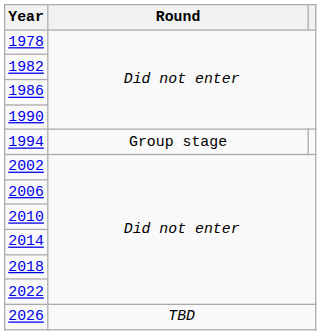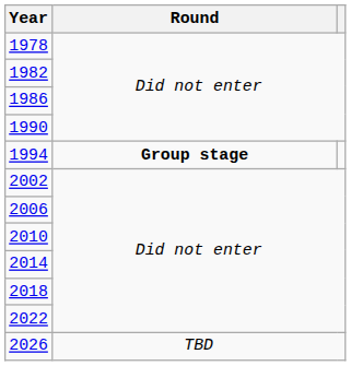 <table class="wikitable" style="text-align: center; font-size:90%">
 <tr>
 <th>Year</th>
 <th style="width:200px">Round</th>
 <th></th>
 </tr>
 <tr>
 <td><a href='#'>1978</a></td>
 <td colspan="2" rowspan="4"><em>Did not enter</em></td>
 </tr>
 <tr>
 <td><a href='#'>1982</a></td>
 </tr>
 <tr>
 <td><a href='#'>1986</a></td>
 </tr>
 <tr>
 <td><a href='#'>1990</a></td>
 </tr>
 <tr>
 <td><a href='#'>1994</a></td>
-<td>Group stage</td>
+<td><strong>Group stage</strong></td>
 <td></td>
 </tr>
 <tr>
 <td><a href='#'>2002</a></td>
 <td colspan="2" rowspan="6"><em>Did not enter</em></td>
 </tr>
 <tr>
 <td><a href='#'>2006</a></td>
 </tr>
 <tr>
 <td><a href='#'>2010</a></td>
 </tr>
 <tr>
 <td><a href='#'>2014</a></td>
 </tr>
 <tr>
 <td><a href='#'>2018</a></td>
 </tr>
 <tr>
 <td><a href='#'>2022</a></td>
 </tr>
 <tr>
 <td><a href='#'>2026</a></td>
 <td colspan="2"><em>TBD</em></td>
 </tr>
 </table>
